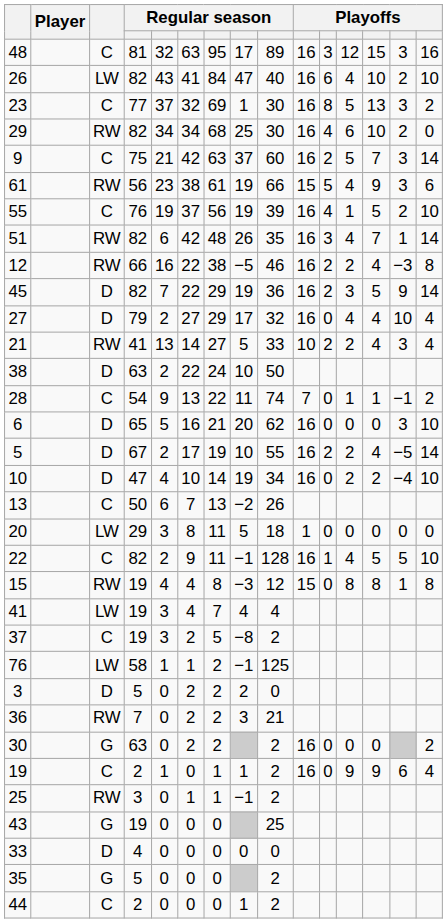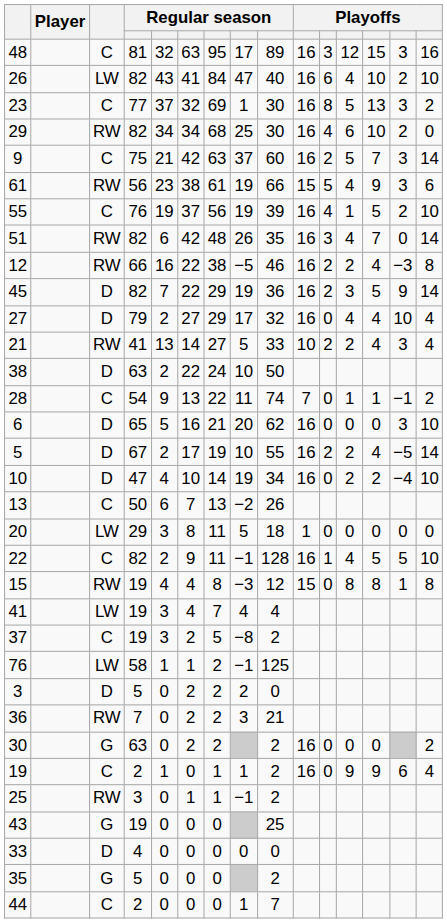 <table class="wikitable sortable plainrowheaders" style="text-align:center;">
 <tr>
 <th scope="col" data-sort-type="number" rowspan="2"></th>
 <th scope="col" rowspan="2">Player</th>
 <th scope="col" rowspan="2"></th>
 <th scope=colgroup colspan=6>Regular season</th>
 <th scope=colgroup colspan=6>Playoffs</th>
 </tr>
 <tr>
 <th scope="col" data-sort-type="number"></th>
 <th scope="col" data-sort-type="number"></th>
 <th scope="col" data-sort-type="number"></th>
 <th scope="col" data-sort-type="number"></th>
 <th scope="col" data-sort-type="number"></th>
 <th scope="col" data-sort-type="number"></th>
 <th scope="col" data-sort-type="number"></th>
 <th scope="col" data-sort-type="number"></th>
 <th scope="col" data-sort-type="number"></th>
 <th scope="col" data-sort-type="number"></th>
 <th scope="col" data-sort-type="number"></th>
 <th scope="col" data-sort-type="number"></th>
 </tr>
 <tr>
 <td scope="row">48</td>
 <td align="left"></td>
 <td>C</td>
 <td>81</td>
 <td>32</td>
 <td>63</td>
 <td>95</td>
 <td>17</td>
 <td>89</td>
 <td>16</td>
 <td>3</td>
 <td>12</td>
 <td>15</td>
 <td>3</td>
 <td>16</td>
 </tr>
 <tr>
 <td scope="row">26</td>
 <td align="left"></td>
 <td>LW</td>
 <td>82</td>
 <td>43</td>
 <td>41</td>
 <td>84</td>
 <td>47</td>
 <td>40</td>
 <td>16</td>
 <td>6</td>
 <td>4</td>
 <td>10</td>
 <td>2</td>
 <td>10</td>
 </tr>
 <tr>
 <td scope="row">23</td>
 <td align="left"></td>
 <td>C</td>
 <td>77</td>
 <td>37</td>
 <td>32</td>
 <td>69</td>
 <td>1</td>
 <td>30</td>
 <td>16</td>
 <td>8</td>
 <td>5</td>
 <td>13</td>
 <td>3</td>
 <td>2</td>
 </tr>
 <tr>
 <td scope="row">29</td>
 <td align="left"></td>
 <td>RW</td>
 <td>82</td>
 <td>34</td>
 <td>34</td>
 <td>68</td>
 <td>25</td>
 <td>30</td>
 <td>16</td>
 <td>4</td>
 <td>6</td>
 <td>10</td>
 <td>2</td>
 <td>0</td>
 </tr>
 <tr>
 <td scope="row">9</td>
 <td align="left"></td>
 <td>C</td>
 <td>75</td>
 <td>21</td>
 <td>42</td>
 <td>63</td>
 <td>37</td>
 <td>60</td>
 <td>16</td>
 <td>2</td>
 <td>5</td>
 <td>7</td>
 <td>3</td>
 <td>14</td>
 </tr>
 <tr>
 <td scope="row">61</td>
 <td align="left"></td>
 <td>RW</td>
 <td>56</td>
 <td>23</td>
 <td>38</td>
 <td>61</td>
 <td>19</td>
 <td>66</td>
 <td>15</td>
 <td>5</td>
 <td>4</td>
 <td>9</td>
 <td>3</td>
 <td>6</td>
 </tr>
 <tr>
 <td scope="row">55</td>
 <td align="left"></td>
 <td>C</td>
 <td>76</td>
 <td>19</td>
 <td>37</td>
 <td>56</td>
 <td>19</td>
 <td>39</td>
 <td>16</td>
 <td>4</td>
 <td>1</td>
 <td>5</td>
 <td>2</td>
 <td>10</td>
 </tr>
 <tr>
 <td scope="row">51</td>
 <td align="left"></td>
 <td>RW</td>
 <td>82</td>
 <td>6</td>
 <td>42</td>
 <td>48</td>
 <td>26</td>
 <td>35</td>
 <td>16</td>
 <td>3</td>
 <td>4</td>
 <td>7</td>
-<td>1</td>
+<td>0</td>
 <td>14</td>
 </tr>
 <tr>
 <td scope="row">12</td>
 <td align="left"></td>
 <td>RW</td>
 <td>66</td>
 <td>16</td>
 <td>22</td>
 <td>38</td>
 <td>−5</td>
 <td>46</td>
 <td>16</td>
 <td>2</td>
 <td>2</td>
 <td>4</td>
 <td>−3</td>
 <td>8</td>
 </tr>
 <tr>
 <td scope="row">45</td>
 <td align="left"></td>
 <td>D</td>
 <td>82</td>
 <td>7</td>
 <td>22</td>
 <td>29</td>
 <td>19</td>
 <td>36</td>
 <td>16</td>
 <td>2</td>
 <td>3</td>
 <td>5</td>
 <td>9</td>
 <td>14</td>
 </tr>
 <tr>
 <td scope="row">27</td>
 <td align="left"></td>
 <td>D</td>
 <td>79</td>
 <td>2</td>
 <td>27</td>
 <td>29</td>
 <td>17</td>
 <td>32</td>
 <td>16</td>
 <td>0</td>
 <td>4</td>
 <td>4</td>
 <td>10</td>
 <td>4</td>
 </tr>
 <tr>
 <td scope="row">21</td>
 <td align="left"></td>
 <td>RW</td>
 <td>41</td>
 <td>13</td>
 <td>14</td>
 <td>27</td>
 <td>5</td>
 <td>33</td>
 <td>10</td>
 <td>2</td>
 <td>2</td>
 <td>4</td>
 <td>3</td>
 <td>4</td>
 </tr>
 <tr>
 <td scope="row">38</td>
 <td align="left"></td>
 <td>D</td>
 <td>63</td>
 <td>2</td>
 <td>22</td>
 <td>24</td>
 <td>10</td>
 <td>50</td>
 <td></td>
 <td></td>
 <td></td>
 <td></td>
 <td></td>
 <td></td>
 </tr>
 <tr>
 <td scope="row">28</td>
 <td align="left"></td>
 <td>C</td>
 <td>54</td>
 <td>9</td>
 <td>13</td>
 <td>22</td>
 <td>11</td>
 <td>74</td>
 <td>7</td>
 <td>0</td>
 <td>1</td>
 <td>1</td>
 <td>−1</td>
 <td>2</td>
 </tr>
 <tr>
 <td scope="row">6</td>
 <td align="left"></td>
 <td>D</td>
 <td>65</td>
 <td>5</td>
 <td>16</td>
 <td>21</td>
 <td>20</td>
 <td>62</td>
 <td>16</td>
 <td>0</td>
 <td>0</td>
 <td>0</td>
 <td>3</td>
 <td>10</td>
 </tr>
 <tr>
 <td scope="row">5</td>
 <td align="left"></td>
 <td>D</td>
 <td>67</td>
 <td>2</td>
 <td>17</td>
 <td>19</td>
 <td>10</td>
 <td>55</td>
 <td>16</td>
 <td>2</td>
 <td>2</td>
 <td>4</td>
 <td>−5</td>
 <td>14</td>
 </tr>
 <tr>
 <td scope="row">10</td>
 <td align="left"></td>
 <td>D</td>
 <td>47</td>
 <td>4</td>
 <td>10</td>
 <td>14</td>
 <td>19</td>
 <td>34</td>
 <td>16</td>
 <td>0</td>
 <td>2</td>
 <td>2</td>
 <td>−4</td>
 <td>10</td>
 </tr>
 <tr>
 <td scope="row">13</td>
 <td align="left"></td>
 <td>C</td>
 <td>50</td>
 <td>6</td>
 <td>7</td>
 <td>13</td>
 <td>−2</td>
 <td>26</td>
 <td></td>
 <td></td>
 <td></td>
 <td></td>
 <td></td>
 <td></td>
 </tr>
 <tr>
 <td scope="row">20</td>
 <td align="left"></td>
 <td>LW</td>
 <td>29</td>
 <td>3</td>
 <td>8</td>
 <td>11</td>
 <td>5</td>
 <td>18</td>
 <td>1</td>
 <td>0</td>
 <td>0</td>
 <td>0</td>
 <td>0</td>
 <td>0</td>
 </tr>
 <tr>
 <td scope="row">22</td>
 <td align="left"></td>
 <td>C</td>
 <td>82</td>
 <td>2</td>
 <td>9</td>
 <td>11</td>
 <td>−1</td>
 <td>128</td>
 <td>16</td>
 <td>1</td>
 <td>4</td>
 <td>5</td>
 <td>5</td>
 <td>10</td>
 </tr>
 <tr>
 <td scope="row">15</td>
 <td align="left"></td>
 <td>RW</td>
 <td>19</td>
 <td>4</td>
 <td>4</td>
 <td>8</td>
 <td>−3</td>
 <td>12</td>
 <td>15</td>
 <td>0</td>
 <td>8</td>
 <td>8</td>
 <td>1</td>
 <td>8</td>
 </tr>
 <tr>
 <td scope="row">41</td>
 <td align="left"></td>
 <td>LW</td>
 <td>19</td>
 <td>3</td>
 <td>4</td>
 <td>7</td>
 <td>4</td>
 <td>4</td>
 <td></td>
 <td></td>
 <td></td>
 <td></td>
 <td></td>
 <td></td>
 </tr>
 <tr>
 <td scope="row">37</td>
 <td align="left"></td>
 <td>C</td>
 <td>19</td>
 <td>3</td>
 <td>2</td>
 <td>5</td>
 <td>−8</td>
 <td>2</td>
 <td></td>
 <td></td>
 <td></td>
 <td></td>
 <td></td>
 <td></td>
 </tr>
 <tr>
 <td scope="row">76</td>
 <td align="left"></td>
 <td>LW</td>
 <td>58</td>
 <td>1</td>
 <td>1</td>
 <td>2</td>
 <td>−1</td>
 <td>125</td>
 <td></td>
 <td></td>
 <td></td>
 <td></td>
 <td></td>
 <td></td>
 </tr>
 <tr>
 <td scope="row">3</td>
 <td align="left"></td>
 <td>D</td>
 <td>5</td>
 <td>0</td>
 <td>2</td>
 <td>2</td>
 <td>2</td>
 <td>0</td>
 <td></td>
 <td></td>
 <td></td>
 <td></td>
 <td></td>
 <td></td>
 </tr>
 <tr>
 <td scope="row">36</td>
 <td align="left"></td>
 <td>RW</td>
 <td>7</td>
 <td>0</td>
 <td>2</td>
 <td>2</td>
 <td>3</td>
 <td>21</td>
 <td></td>
 <td></td>
 <td></td>
 <td></td>
 <td></td>
 <td></td>
 </tr>
 <tr>
 <td scope="row">30</td>
 <td align="left"></td>
 <td>G</td>
 <td>63</td>
 <td>0</td>
 <td>2</td>
 <td>2</td>
 <td style="background:#ccc"></td>
 <td>2</td>
 <td>16</td>
 <td>0</td>
 <td>0</td>
 <td>0</td>
 <td style="background:#ccc"></td>
 <td>2</td>
 </tr>
 <tr>
 <td scope="row">19</td>
 <td align="left"></td>
 <td>C</td>
 <td>2</td>
 <td>1</td>
 <td>0</td>
 <td>1</td>
 <td>1</td>
 <td>2</td>
 <td>16</td>
 <td>0</td>
 <td>9</td>
 <td>9</td>
 <td>6</td>
 <td>4</td>
 </tr>
 <tr>
 <td scope="row">25</td>
 <td align="left"></td>
 <td>RW</td>
 <td>3</td>
 <td>0</td>
 <td>1</td>
 <td>1</td>
 <td>−1</td>
 <td>2</td>
 <td></td>
 <td></td>
 <td></td>
 <td></td>
 <td></td>
 <td></td>
 </tr>
 <tr>
 <td scope="row">43</td>
 <td align="left"></td>
 <td>G</td>
 <td>19</td>
 <td>0</td>
 <td>0</td>
 <td>0</td>
 <td style="background:#ccc"></td>
 <td>25</td>
 <td></td>
 <td></td>
 <td></td>
 <td></td>
 <td></td>
 <td></td>
 </tr>
 <tr>
 <td scope="row">33</td>
 <td align="left"></td>
 <td>D</td>
 <td>4</td>
 <td>0</td>
 <td>0</td>
 <td>0</td>
 <td>0</td>
 <td>0</td>
 <td></td>
 <td></td>
 <td></td>
 <td></td>
 <td></td>
 <td></td>
 </tr>
 <tr>
 <td scope="row">35</td>
 <td align="left"></td>
 <td>G</td>
 <td>5</td>
 <td>0</td>
 <td>0</td>
 <td>0</td>
 <td style="background:#ccc"></td>
 <td>2</td>
 <td></td>
 <td></td>
 <td></td>
 <td></td>
 <td></td>
 <td></td>
 </tr>
 <tr>
 <td scope="row">44</td>
 <td align="left"></td>
 <td>C</td>
 <td>2</td>
 <td>0</td>
 <td>0</td>
 <td>0</td>
 <td>1</td>
-<td>2</td>
+<td>7</td>
 <td></td>
 <td></td>
 <td></td>
 <td></td>
 <td></td>
 <td></td>
 </tr>
 </table>
